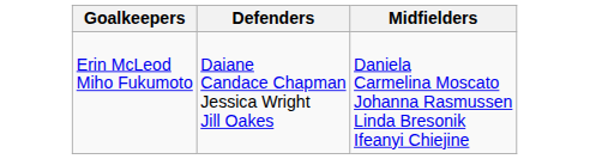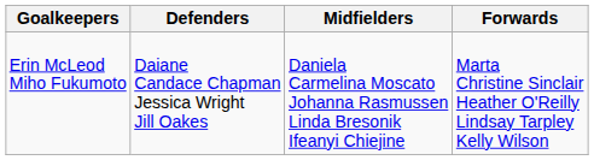 <table class="wikitable" style="margin: 0 auto;">
 <tr>
 <th>Goalkeepers</th>
 <th>Defenders</th>
 <th>Midfielders</th>
+<th>Forwards</th>
 </tr>
 <tr>
 <td valign=top><br> <a href='#'>Erin McLeod</a> <br>  <a href='#'>Miho Fukumoto</a> <br></td>
 <td valign=top><br> <a href='#'>Daiane</a> <br>  <a href='#'>Candace Chapman</a> <br>  Jessica Wright <br>  <a href='#'>Jill Oakes</a> <br></td>
 <td valign=top><br> <a href='#'>Daniela</a> <br>  <a href='#'>Carmelina Moscato</a> <br>  <a href='#'>Johanna Rasmussen</a> <br>  <a href='#'>Linda Bresonik</a>  <br>  <a href='#'>Ifeanyi Chiejine</a> <br></td>
+<td valign=top><br> <a href='#'>Marta</a> <br>  <a href='#'>Christine Sinclair</a> <br>  <a href='#'>Heather O'Reilly</a> <br>  <a href='#'>Lindsay Tarpley</a> <br>  <a href='#'>Kelly Wilson</a> <br></td>
 </tr>
 </table>
